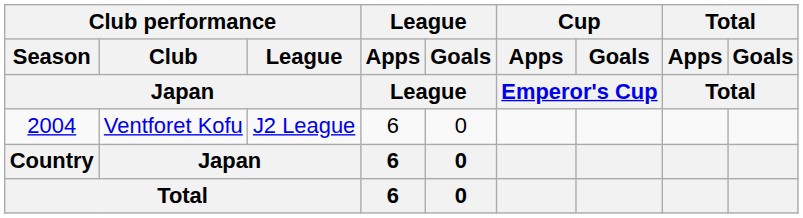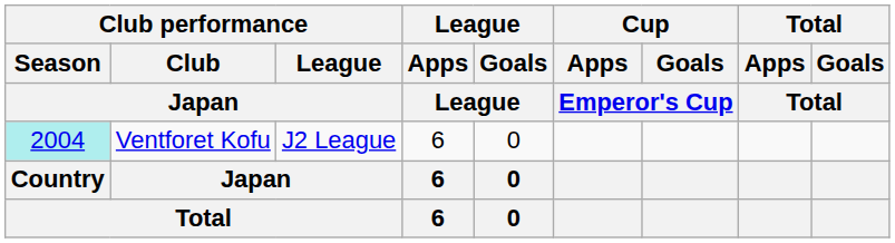 <table class="wikitable" style="text-align:center;">
 <tr>
 <th colspan=3>Club performance</th>
 <th colspan=2>League</th>
 <th colspan=2>Cup</th>
 <th colspan=2>Total</th>
 </tr>
 <tr>
 <th>Season</th>
 <th>Club</th>
 <th>League</th>
 <th>Apps</th>
 <th>Goals</th>
 <th>Apps</th>
 <th>Goals</th>
 <th>Apps</th>
 <th>Goals</th>
 </tr>
 <tr>
 <th colspan=3>Japan</th>
 <th colspan=2>League</th>
 <th colspan=2><a href='#'>Emperor's Cup</a></th>
 <th colspan=2>Total</th>
 </tr>
 <tr>
-<td><a href='#'>2004</a></td>
+<td style="background: paleturquoise;"><a href='#'>2004</a></td>
 <td><a href='#'>Ventforet Kofu</a></td>
 <td><a href='#'>J2 League</a></td>
 <td>6</td>
 <td>0</td>
 <td></td>
 <td></td>
 <td></td>
 <td></td>
 </tr>
 <tr>
 <th rowspan=1>Country</th>
 <th colspan=2>Japan</th>
 <th>6</th>
 <th>0</th>
 <th></th>
 <th></th>
 <th></th>
 <th></th>
 </tr>
 <tr>
 <th colspan=3>Total</th>
 <th>6</th>
 <th>0</th>
 <th></th>
 <th></th>
 <th></th>
 <th></th>
 </tr>
 </table>
